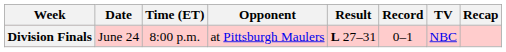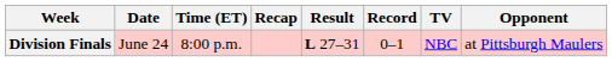 <table class="wikitable" style="text-align:center">
 <tr>
 <th>Week</th>
 <th>Date</th>
 <th>Time (ET)</th>
-<th>Opponent</th>
+<th>Recap</th>
 <th>Result</th>
 <th>Record</th>
 <th>TV</th>
-<th>Recap</th>
+<th>Opponent</th>
 </tr>
 <tr style="background:#ffcccc">
 <th>Division Finals</th>
 <td>June 24</td>
 <td>8:00 p.m.</td>
-<td>at <a href='#'>Pittsburgh Maulers</a></td>
+<td></td>
 <td><strong>L</strong> 27–31 <strong></strong></td>
 <td>0–1</td>
 <td><a href='#'>NBC</a></td>
-<td></td>
+<td>at <a href='#'>Pittsburgh Maulers</a></td>
 </tr>
 </table>
